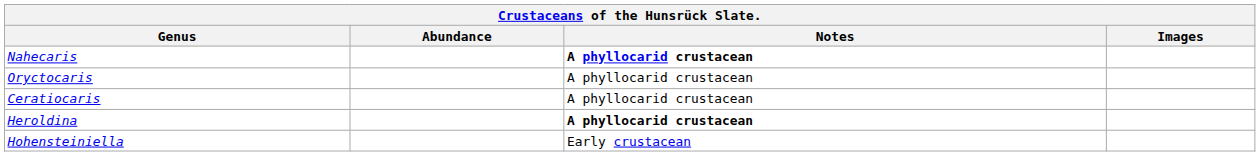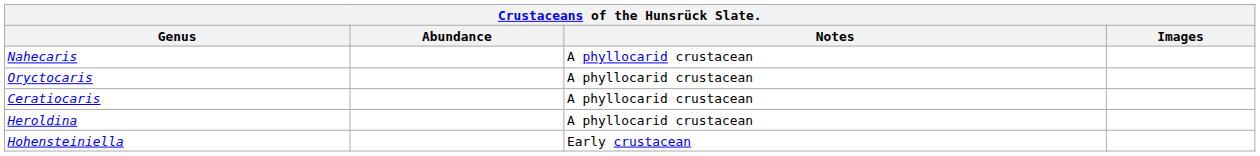 <table class="wikitable sortable" style="background:white; width:100%;">
 <tr>
 <th colspan="5" align="center"><a href='#'>Crustaceans</a> of the Hunsrück Slate.</th>
 </tr>
 <tr>
 <th>Genus</th>
 <th>Abundance</th>
 <th>Notes</th>
 <th>Images</th>
 </tr>
 <tr>
 <td><em><a href='#'>Nahecaris</a></em></td>
 <td></td>
-<td><strong>A <a href='#'>phyllocarid</a> crustacean</strong></td>
+<td>A <a href='#'>phyllocarid</a> crustacean</td>
 <td></td>
 </tr>
 <tr>
 <td><em><a href='#'>Oryctocaris</a></em></td>
 <td></td>
 <td>A phyllocarid crustacean</td>
 <td></td>
 </tr>
 <tr>
 <td><em><a href='#'>Ceratiocaris</a></em></td>
 <td></td>
 <td>A phyllocarid crustacean</td>
 <td></td>
 </tr>
 <tr>
 <td><em><a href='#'>Heroldina</a></em></td>
 <td></td>
-<td><strong>A phyllocarid crustacean</strong></td>
+<td>A phyllocarid crustacean</td>
 <td></td>
 </tr>
 <tr>
 <td><em><a href='#'>Hohensteiniella</a></em></td>
 <td></td>
 <td>Early <a href='#'>crustacean</a></td>
 <td></td>
 </tr>
 </table>
